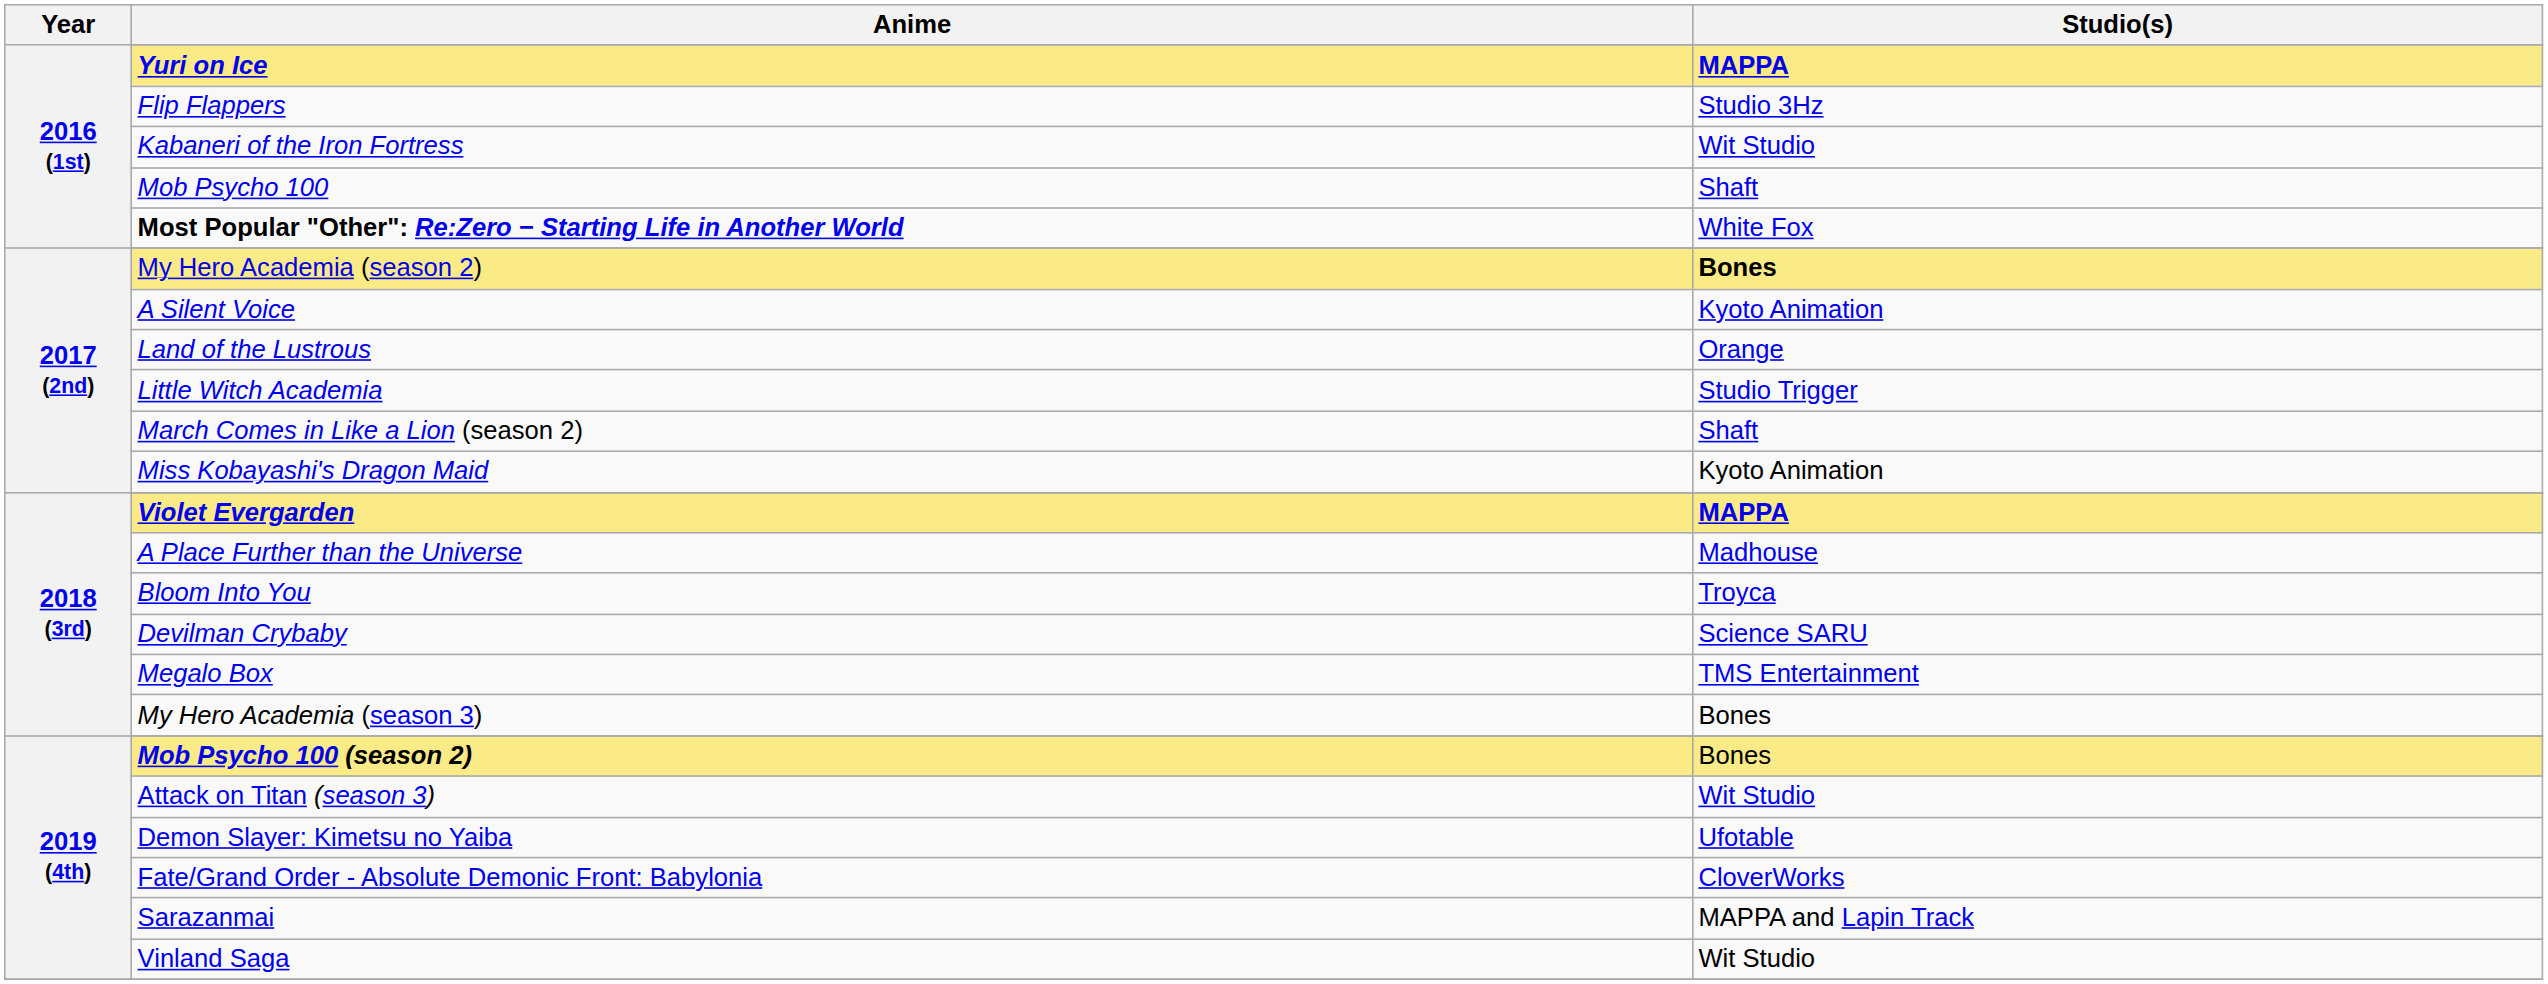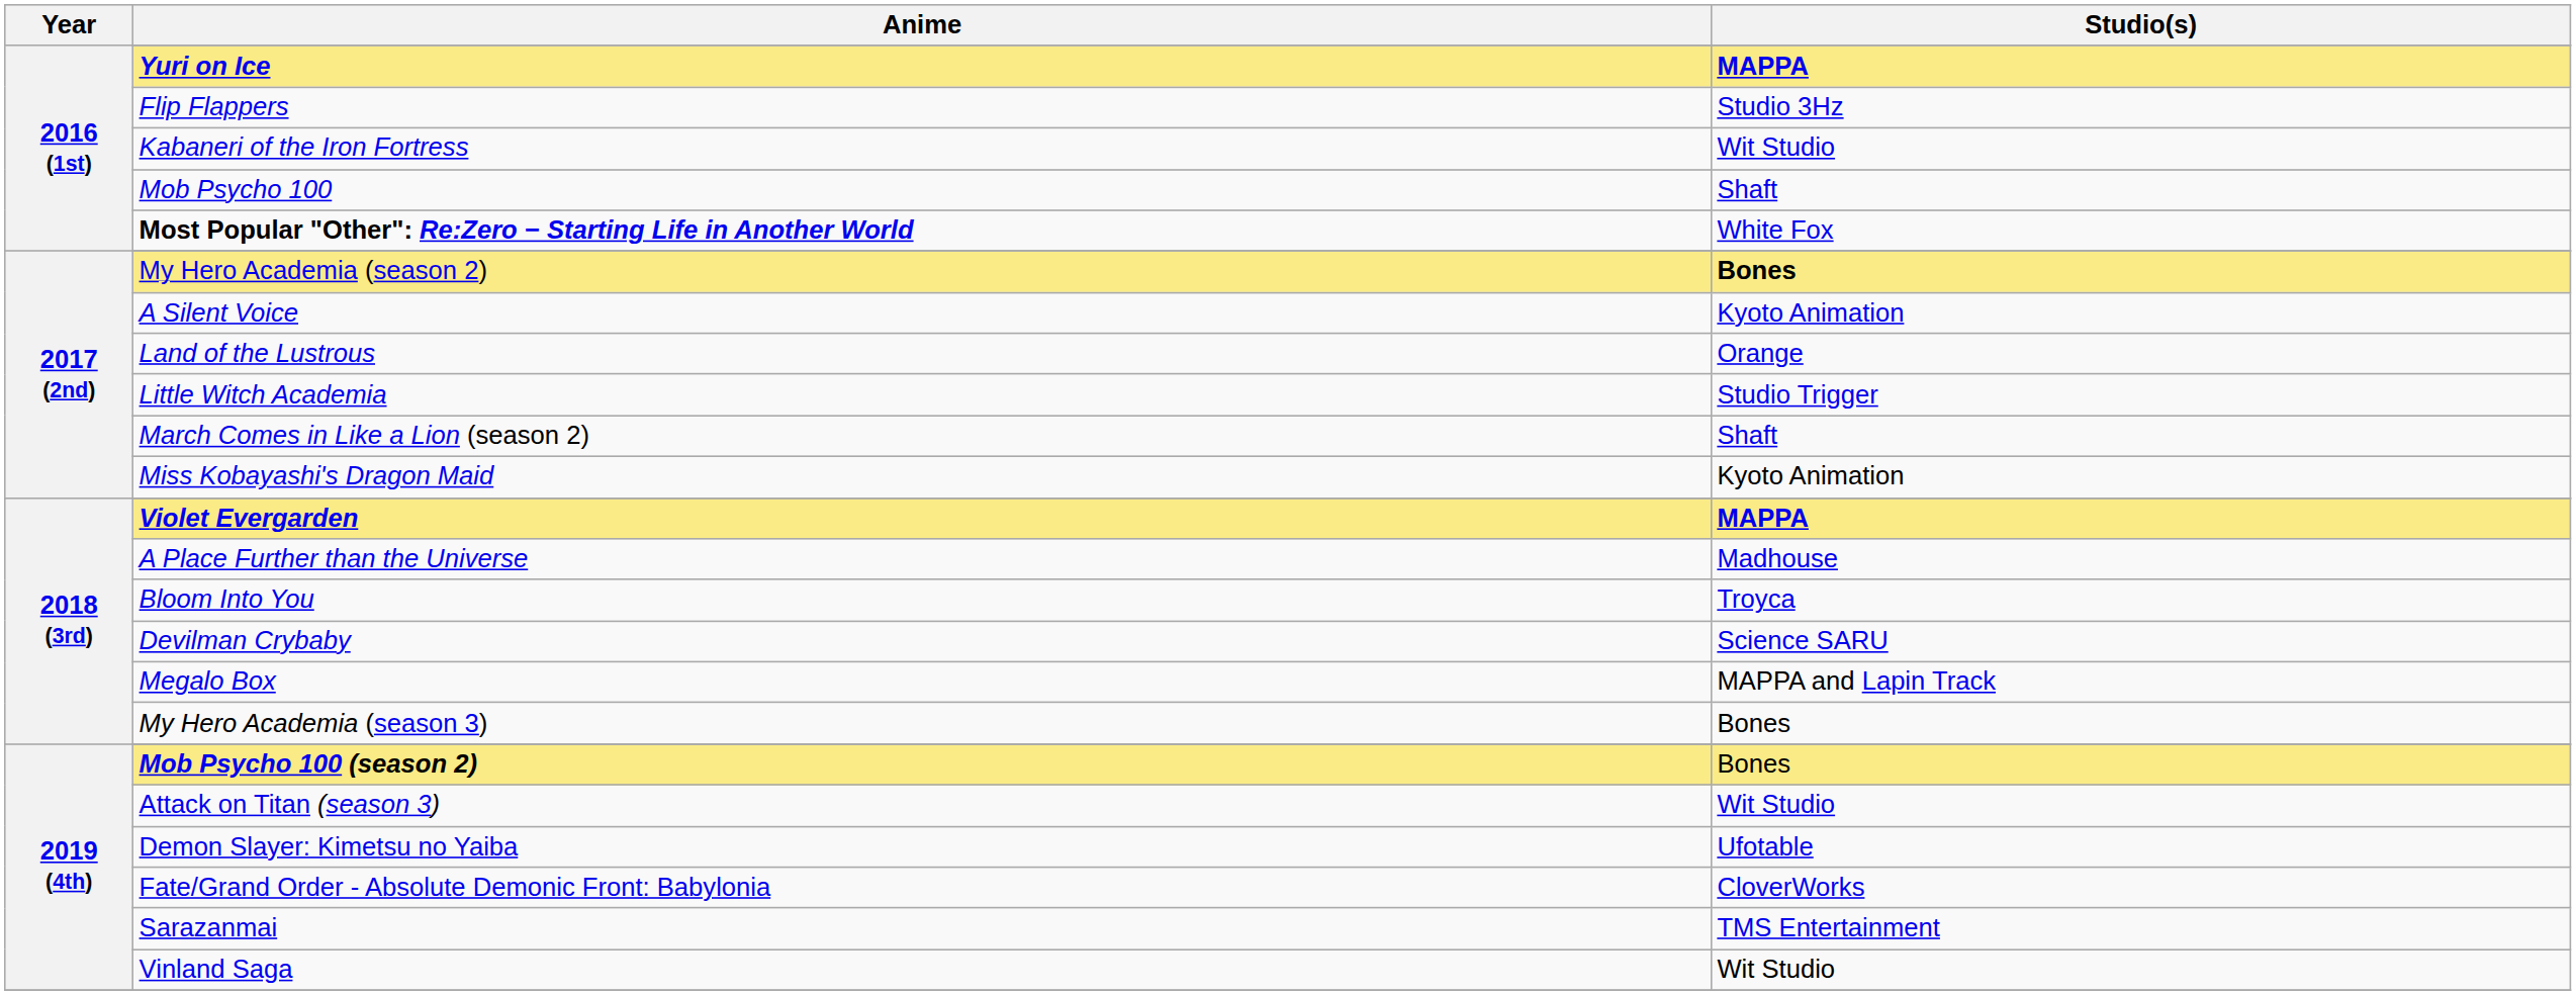 <table class="wikitable" style="width:80%;">
 <tr>
 <th style="width:5%;">Year</th>
 <th style="width:61.5%;">Anime</th>
 <th style="width:33.5%;">Studio(s)</th>
 </tr>
 <tr>
 <th rowspan="6" style="text-align:center;"><a href='#'>2016</a><br><small>(<a href='#'>1st</a>)</small> </th>
 </tr>
 <tr style="background:#FAEB86">
 <td><strong><em><a href='#'>Yuri on Ice</a></em></strong></td>
 <td><strong><a href='#'>MAPPA</a></strong></td>
 </tr>
 <tr>
 <td><em><a href='#'>Flip Flappers</a></em></td>
 <td><a href='#'>Studio 3Hz</a></td>
 </tr>
 <tr>
 <td><em><a href='#'>Kabaneri of the Iron Fortress</a></em></td>
 <td><a href='#'>Wit Studio</a></td>
 </tr>
 <tr>
 <td><em><a href='#'>Mob Psycho 100</a></em></td>
 <td><a href='#'>Shaft</a></td>
 </tr>
 <tr>
 <td><strong>Most Popular "Other": <em><a href='#'>Re:Zero − Starting Life in Another World</a><strong><em></td>
 <td><a href='#'>White Fox</a></td>
 </tr>
 <tr>
 <th rowspan="7" style="text-align:center;"><a href='#'>2017</a><br><small>(<a href='#'>2nd</a>)</small> </th>
 </tr>
 <tr style="background:#FAEB86">
 <td></em></strong><a href='#'>My Hero Academia</a></em> (<a href='#'>season 2</a>)</strong></td>
 <td><strong>Bones</strong></td>
 </tr>
 <tr>
 <td><em><a href='#'>A Silent Voice</a></em></td>
 <td><a href='#'>Kyoto Animation</a></td>
 </tr>
 <tr>
 <td><em><a href='#'>Land of the Lustrous</a></em></td>
 <td><a href='#'>Orange</a></td>
 </tr>
 <tr>
 <td><em><a href='#'>Little Witch Academia</a></em></td>
 <td><a href='#'>Studio Trigger</a></td>
 </tr>
 <tr>
 <td><em><a href='#'>March Comes in Like a Lion</a></em> (season 2)</td>
 <td><a href='#'>Shaft</a></td>
 </tr>
 <tr>
 <td><em><a href='#'>Miss Kobayashi's Dragon Maid</a></em></td>
 <td>Kyoto Animation</td>
 </tr>
 <tr>
 <th rowspan="7" style="text-align:center;"><a href='#'>2018</a><br><small>(<a href='#'>3rd</a>)</small> </th>
 </tr>
 <tr style="background:#FAEB86">
 <td><strong><em><a href='#'>Violet Evergarden</a></em></strong></td>
 <td><strong><a href='#'>MAPPA</a></strong></td>
 </tr>
 <tr>
 <td><em><a href='#'>A Place Further than the Universe</a></em></td>
 <td><a href='#'>Madhouse</a></td>
 </tr>
 <tr>
 <td><em><a href='#'>Bloom Into You</a></em></td>
 <td><a href='#'>Troyca</a></td>
 </tr>
 <tr>
 <td><em><a href='#'>Devilman Crybaby</a></em></td>
 <td><a href='#'>Science SARU</a></td>
 </tr>
 <tr>
 <td><em><a href='#'>Megalo Box</a></em></td>
-<td><a href='#'>TMS Entertainment</a></td>
+<td>MAPPA and <a href='#'>Lapin Track</a></td>
 </tr>
 <tr>
 <td><em>My Hero Academia</em> (<a href='#'>season 3</a>)</td>
 <td>Bones</td>
 </tr>
 <tr>
 <th rowspan="7" style="text-align:center;"><a href='#'>2019</a><br><small>(<a href='#'>4th</a>)</small> </th>
 </tr>
 <tr style="background:#FAEB86">
 <td><strong><em><a href='#'>Mob Psycho 100</a><em> (season 2)<strong></td>
 <td></strong>Bones<strong></td>
 </tr>
 <tr>
 <td></em><a href='#'>Attack on Titan</a><em> (<a href='#'>season 3</a>)</td>
 <td><a href='#'>Wit Studio</a></td>
 </tr>
 <tr>
 <td></em><a href='#'>Demon Slayer: Kimetsu no Yaiba</a><em></td>
 <td><a href='#'>Ufotable</a></td>
 </tr>
 <tr>
 <td></em><a href='#'>Fate/Grand Order - Absolute Demonic Front: Babylonia</a><em></td>
 <td><a href='#'>CloverWorks</a></td>
 </tr>
 <tr>
 <td></em><a href='#'>Sarazanmai</a><em></td>
-<td>MAPPA and <a href='#'>Lapin Track</a></td>
+<td><a href='#'>TMS Entertainment</a></td>
 </tr>
 <tr>
 <td></em><a href='#'>Vinland Saga</a><em></td>
 <td>Wit Studio</td>
 </tr>
 <tr>
 </tr>
 </table>
